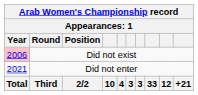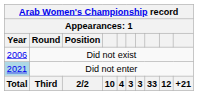 <table class="wikitable" style="text-align: center;font-size:90%;">
 <tr>
 <th colspan=10><a href='#'>Arab Women's Championship</a> record</th>
 </tr>
 <tr>
 <th colspan=10>Appearances: 1</th>
 </tr>
 <tr>
 <th>Year</th>
 <th>Round</th>
 <th>Position</th>
 <th></th>
 <th></th>
 <th></th>
 <th></th>
 <th></th>
 <th></th>
 <th></th>
 </tr>
 <tr>
-<td style="background: pink;"> <a href='#'>2006</a></td>
+<td> <a href='#'>2006</a></td>
 <td colspan=9>Did not exist</td>
 </tr>
 <tr>
-<td> <a href='#'>2021</a></td>
+<td style="background: lightblue;"> <a href='#'>2021</a></td>
 <td colspan=9>Did not enter</td>
 </tr>
 <tr>
 <th>Total</th>
 <th>Third</th>
 <th>2/2</th>
 <th>10</th>
 <th>4</th>
 <th>3</th>
 <th>3</th>
 <th>33</th>
 <th>12</th>
 <th>+21</th>
 </tr>
 </table>
